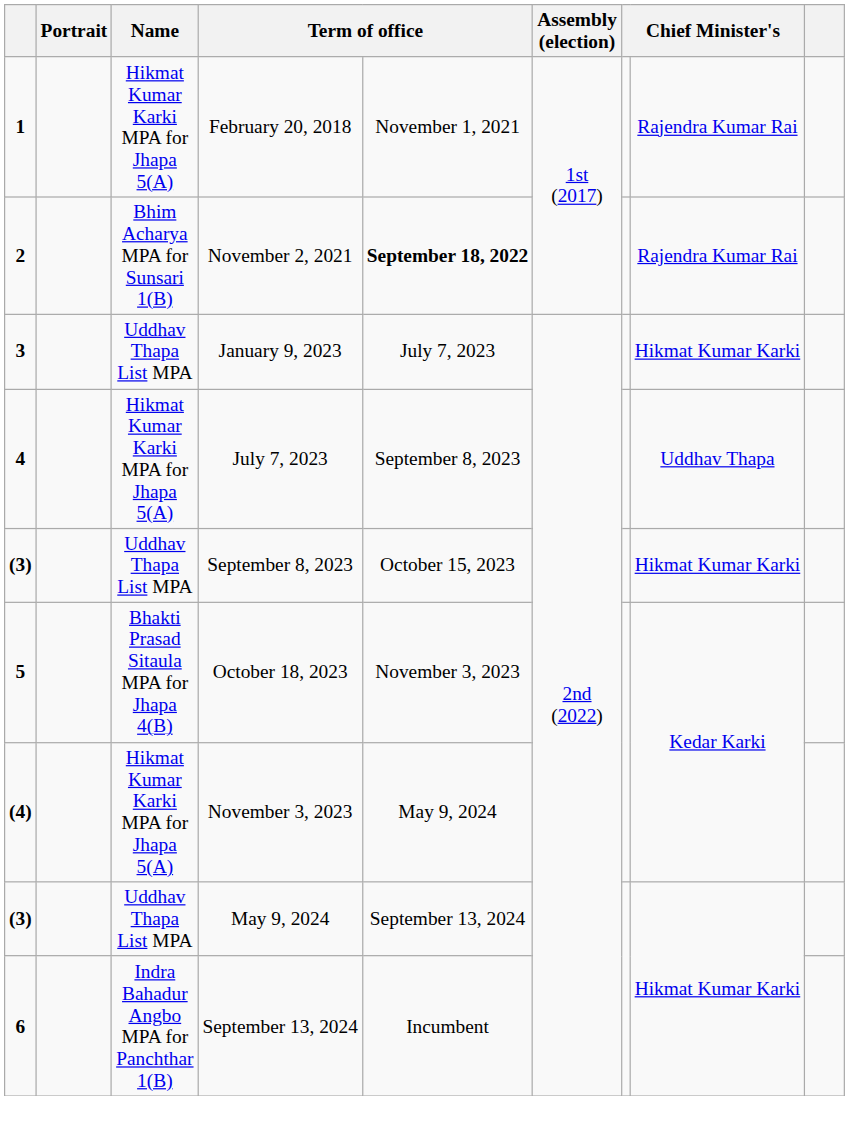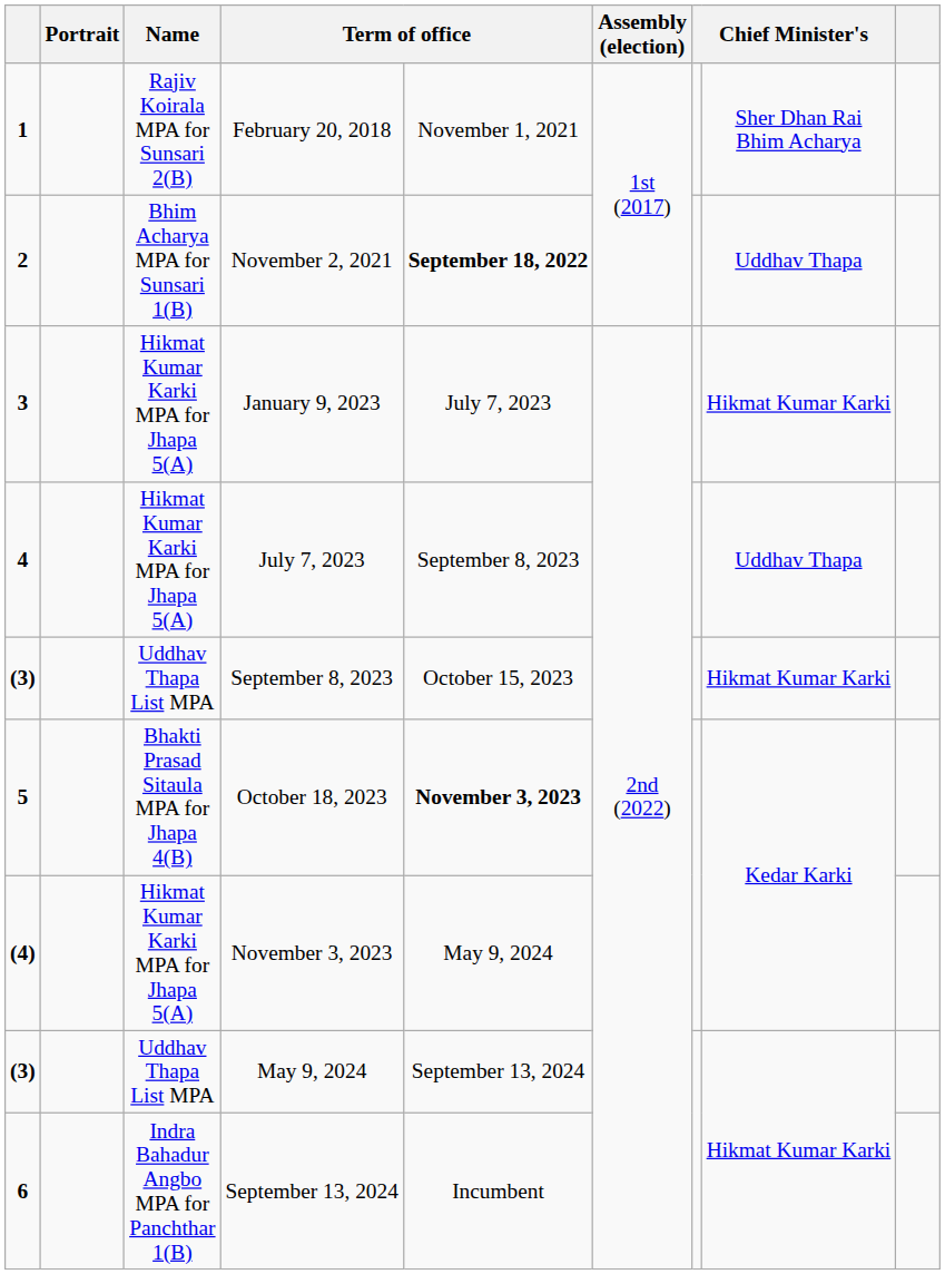 <table class="wikitable" style="text-align:center;">
 <tr>
 <th></th>
 <th width="25px">Portrait</th>
 <th width="25px">Name<br></th>
 <th colspan=2 width="25px">Term of office</th>
 <th width="25px">Assembly (election)</th>
 <th colspan=2 width="25px">Chief Minister's</th>
 <th width="25px"></th>
 </tr>
 <tr>
 <td style="background-color:"><strong>1</strong></td>
 <td></td>
-<td><a href='#'>Hikmat Kumar Karki</a><br>MPA for <a href='#'>Jhapa 5(A)</a></td>
+<td><a href='#'>Rajiv Koirala</a><br>MPA for <a href='#'>Sunsari 2(B)</a></td>
 <td>February 20, 2018</td>
 <td>November 1, 2021</td>
 <td rowspan="2"><a href='#'>1st</a><br>(<a href='#'>2017</a>)</td>
 <td style="background-color:"></td>
-<td><a href='#'>Rajendra Kumar Rai</a></td>
+<td><a href='#'>Sher Dhan Rai</a><br><a href='#'>Bhim Acharya</a></td>
 <td></td>
 </tr>
 <tr>
 <td style="background-color:"><strong>2</strong></td>
 <td></td>
 <td><a href='#'>Bhim Acharya</a><br>MPA for <a href='#'>Sunsari 1(B)</a></td>
 <td>November 2, 2021</td>
 <td><strong>September 18, 2022</strong></td>
 <td style="background-color:"></td>
-<td><a href='#'>Rajendra Kumar Rai</a></td>
+<td><a href='#'>Uddhav Thapa</a></td>
 <td></td>
 </tr>
 <tr>
 <td style="background-color:"><strong>3</strong></td>
 <td></td>
-<td><a href='#'>Uddhav Thapa</a><br><a href='#'>List</a> MPA</td>
+<td><a href='#'>Hikmat Kumar Karki</a><br>MPA for <a href='#'>Jhapa 5(A)</a></td>
 <td>January 9, 2023</td>
 <td>July 7, 2023</td>
 <td rowspan="7"><a href='#'>2nd</a><br>(<a href='#'>2022</a>)</td>
 <td style="background-color:"></td>
 <td><a href='#'>Hikmat Kumar Karki</a></td>
 <td></td>
 </tr>
 <tr>
 <td style="background-color:"><strong>4</strong></td>
 <td></td>
 <td><a href='#'>Hikmat Kumar Karki</a><br>MPA for <a href='#'>Jhapa 5(A)</a></td>
 <td>July 7, 2023</td>
 <td>September 8, 2023</td>
 <td style="background-color:"></td>
 <td><a href='#'>Uddhav Thapa</a></td>
 <td></td>
 </tr>
 <tr>
 <td style="background-color:"><strong>(3)</strong></td>
 <td></td>
 <td><a href='#'>Uddhav Thapa</a><br><a href='#'>List</a> MPA</td>
 <td>September 8, 2023</td>
 <td>October 15, 2023</td>
 <td style="background-color:"></td>
 <td><a href='#'>Hikmat Kumar Karki</a></td>
 <td></td>
 </tr>
 <tr>
 <td style="background-color:"><strong>5</strong></td>
 <td></td>
 <td><a href='#'>Bhakti Prasad Sitaula</a><br>MPA for <a href='#'>Jhapa 4(B)</a></td>
 <td>October 18, 2023</td>
-<td>November 3, 2023</td>
+<td><strong>November 3, 2023</strong></td>
 <td rowspan="2" style="background-color:"></td>
 <td rowspan="2"><a href='#'>Kedar Karki</a></td>
 <td></td>
 </tr>
 <tr>
 <td style="background-color:"><strong>(4)</strong></td>
 <td></td>
 <td><a href='#'>Hikmat Kumar Karki</a><br>MPA for <a href='#'>Jhapa 5(A)</a></td>
 <td>November 3, 2023</td>
 <td>May 9, 2024</td>
 <td></td>
 </tr>
 <tr>
 <td style="background-color:"><strong>(3)</strong></td>
 <td></td>
 <td><a href='#'>Uddhav Thapa</a><br><a href='#'>List</a> MPA</td>
 <td>May 9, 2024</td>
 <td>September 13, 2024</td>
 <td rowspan="2" style="background-color:"></td>
 <td rowspan="2"><a href='#'>Hikmat Kumar Karki</a></td>
 <td></td>
 </tr>
 <tr>
 <td style="background-color:"><strong>6</strong></td>
 <td></td>
 <td><a href='#'>Indra Bahadur Angbo</a><br>MPA for <a href='#'>Panchthar 1(B)</a></td>
 <td>September 13, 2024</td>
 <td>Incumbent</td>
 <td></td>
 </tr>
 </table>
